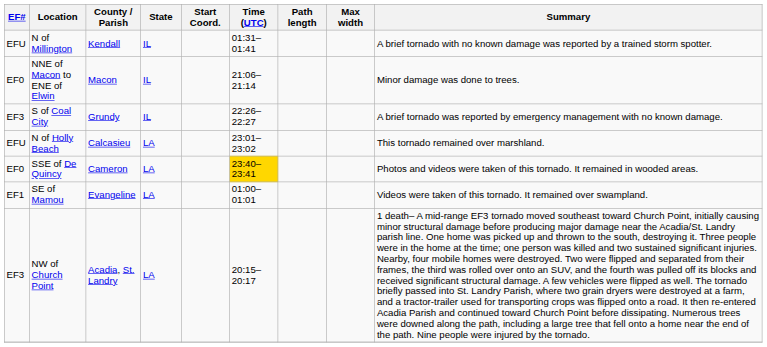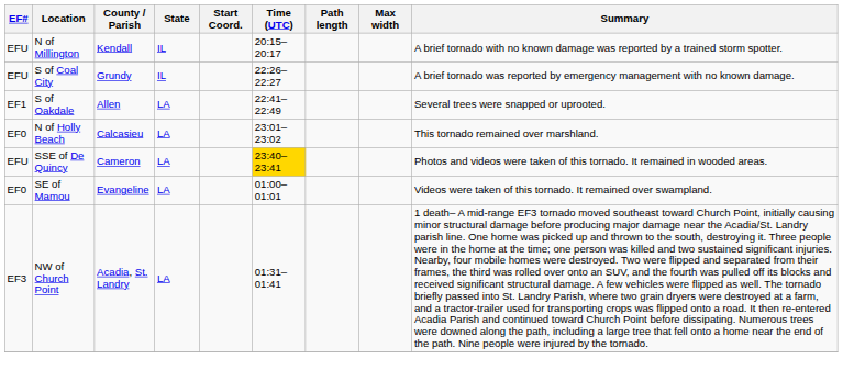 <table class="wikitable sortable" style="width:100%;">
 <tr>
 <th scope="col"  style="width:3%; text-align:center;"><a href='#'>EF#</a></th>
 <th scope="col"  style="width:7%; text-align:center;" class="unsortable">Location</th>
 <th scope="col"  style="width:6%; text-align:center;" class="unsortable">County / Parish</th>
 <th scope="col"  style="width:5%; text-align:center;">State</th>
 <th scope="col"  style="width:6%; text-align:center;">Start Coord.</th>
 <th scope="col"  style="width:6%; text-align:center;">Time (<a href='#'>UTC</a>)</th>
 <th scope="col"  style="width:6%; text-align:center;">Path length</th>
 <th scope="col"  style="width:6%; text-align:center;">Max width</th>
 <th scope="col" class="unsortable" style="width:48%; text-align:center;">Summary</th>
 </tr>
 <tr>
 <td>EFU</td>
 <td>N of <a href='#'>Millington</a></td>
 <td><a href='#'>Kendall</a></td>
 <td><a href='#'>IL</a></td>
 <td></td>
-<td>01:31–01:41</td>
+<td>20:15–20:17</td>
 <td></td>
 <td></td>
 <td>A brief tornado with no known damage was reported by a trained storm spotter.</td>
 </tr>
 <tr>
-<td>EF0</td>
-<td>NNE of <a href='#'>Macon</a> to ENE of <a href='#'>Elwin</a></td>
-<td><a href='#'>Macon</a></td>
-<td><a href='#'>IL</a></td>
-<td></td>
-<td>21:06–21:14</td>
-<td></td>
-<td></td>
-<td>Minor damage was done to trees.</td>
-</tr>
-<tr>
-<td>EF3</td>
+<td>EFU</td>
 <td>S of <a href='#'>Coal City</a></td>
 <td><a href='#'>Grundy</a></td>
 <td><a href='#'>IL</a></td>
 <td></td>
 <td>22:26–22:27</td>
 <td></td>
 <td></td>
 <td>A brief tornado was reported by emergency management with no known damage.</td>
 </tr>
 <tr>
-<td>EFU</td>
+<td>EF1</td>
+<td>S of <a href='#'>Oakdale</a></td>
+<td><a href='#'>Allen</a></td>
+<td><a href='#'>LA</a></td>
+<td></td>
+<td>22:41–22:49</td>
+<td></td>
+<td></td>
+<td>Several trees were snapped or uprooted.</td>
+</tr>
+<tr>
+<td>EF0</td>
 <td>N of <a href='#'>Holly Beach</a></td>
 <td><a href='#'>Calcasieu</a></td>
 <td><a href='#'>LA</a></td>
 <td></td>
 <td>23:01–23:02</td>
 <td></td>
 <td></td>
 <td>This tornado remained over marshland.</td>
 </tr>
 <tr>
-<td>EF0</td>
+<td>EFU</td>
 <td>SSE of <a href='#'>De Quincy</a></td>
 <td><a href='#'>Cameron</a></td>
 <td><a href='#'>LA</a></td>
 <td></td>
 <td style="background: gold;">23:40–23:41</td>
 <td></td>
 <td></td>
 <td>Photos and videos were taken of this tornado. It remained in wooded areas.</td>
 </tr>
 <tr>
-<td>EF1</td>
+<td>EF0</td>
 <td>SE of <a href='#'>Mamou</a></td>
 <td><a href='#'>Evangeline</a></td>
 <td><a href='#'>LA</a></td>
 <td></td>
 <td>01:00–01:01</td>
 <td></td>
 <td></td>
 <td>Videos were taken of this tornado. It remained over swampland.</td>
 </tr>
 <tr>
 <td>EF3</td>
 <td>NW of <a href='#'>Church Point</a></td>
 <td><a href='#'>Acadia</a>, <a href='#'>St. Landry</a></td>
 <td><a href='#'>LA</a></td>
 <td></td>
-<td>20:15–20:17</td>
+<td>01:31–01:41</td>
 <td></td>
 <td></td>
 <td>1 death– A mid-range EF3 tornado moved southeast toward Church Point, initially causing minor structural damage before producing major damage near the Acadia/St. Landry parish line. One home was picked up and thrown  to the south, destroying it. Three people were in the home at the time; one person was killed and two sustained significant injuries. Nearby, four mobile homes were destroyed. Two were flipped and separated from their frames, the third was rolled over onto an SUV, and the fourth was pulled off its blocks and received significant structural damage. A few vehicles were flipped as well. The tornado briefly passed into St. Landry Parish, where two grain dryers were destroyed at a farm, and a tractor-trailer used for transporting crops was flipped onto a road. It then re-entered Acadia Parish and continued toward Church Point before dissipating. Numerous trees were downed along the path, including a large tree that fell onto a home near the end of the path. Nine people were injured by the tornado.</td>
 </tr>
 <tr>
 </tr>
 </table>
